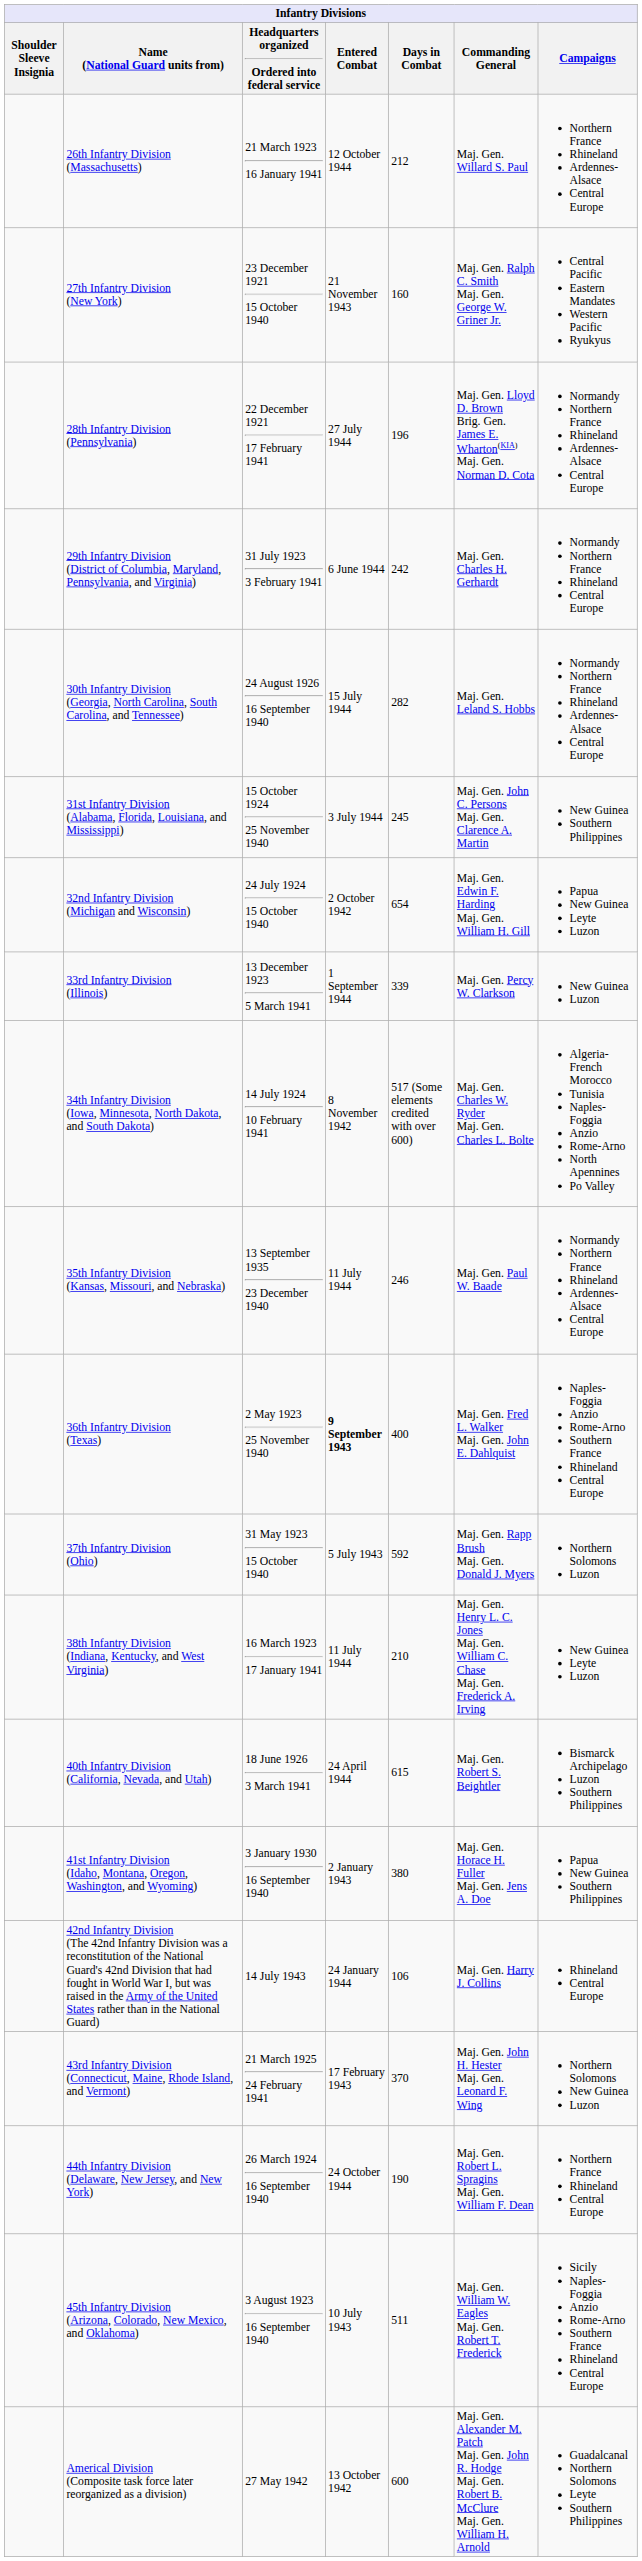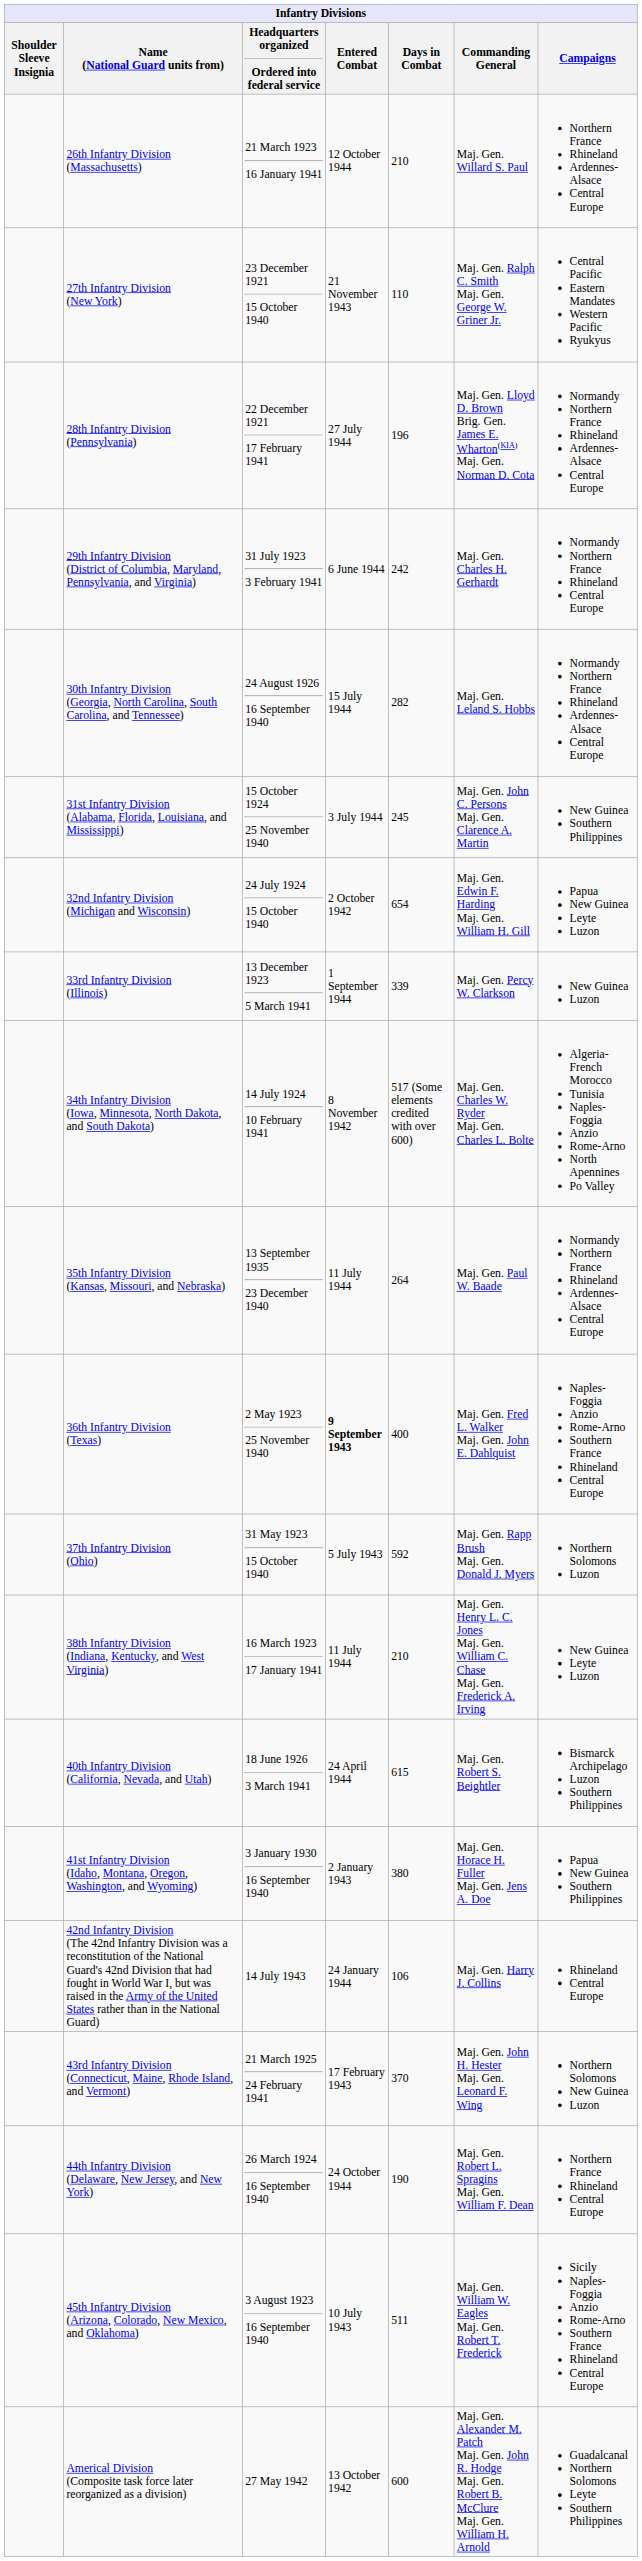 <table class="wikitable">
 <tr>
 <th style="align: center; background: lavender;" colspan="7">Infantry Divisions</th>
 </tr>
 <tr>
 <th style="text-align: center; ">Shoulder Sleeve Insignia</th>
 <th style="text-align: center; ">Name<br>(<a href='#'>National Guard</a> units from)</th>
 <th style="text-align: center; ">Headquarters organized <hr> Ordered into federal service</th>
 <th style="text-align: center; ">Entered Combat</th>
 <th style="text-align: center; ">Days in Combat</th>
 <th style="text-align: center; ">Commanding General</th>
 <th style="text-align: center; "><a href='#'>Campaigns</a></th>
 </tr>
 <tr>
 <td></td>
 <td><a href='#'>26th Infantry Division</a><br>(<a href='#'>Massachusetts</a>)</td>
 <td>21 March 1923 <hr> 16 January 1941</td>
 <td>12 October 1944</td>
-<td>212</td>
+<td>210</td>
 <td>Maj. Gen. <a href='#'>Willard S. Paul</a></td>
 <td><br><ul><li>Northern France</li><li>Rhineland</li><li>Ardennes-Alsace</li><li>Central Europe</li></ul></td>
 </tr>
 <tr>
 <td></td>
 <td><a href='#'>27th Infantry Division</a><br>(<a href='#'>New York</a>)</td>
 <td>23 December 1921 <hr> 15 October 1940</td>
 <td>21 November 1943</td>
-<td>160</td>
+<td>110</td>
 <td>Maj. Gen. <a href='#'>Ralph C. Smith</a><br>Maj. Gen. <a href='#'>George W. Griner Jr.</a></td>
 <td><br><ul><li>Central Pacific</li><li>Eastern Mandates</li><li>Western Pacific</li><li>Ryukyus</li></ul></td>
 </tr>
 <tr>
 <td></td>
 <td><a href='#'>28th Infantry Division</a><br>(<a href='#'>Pennsylvania</a>)</td>
 <td>22 December 1921 <hr> 17 February 1941</td>
 <td>27 July 1944</td>
 <td>196</td>
 <td>Maj. Gen. <a href='#'>Lloyd D. Brown</a><br>Brig. Gen. <a href='#'>James E. Wharton</a><small><sup>(<a href='#'>KIA</a>)</sup></small><br>Maj. Gen. <a href='#'>Norman D. Cota</a></td>
 <td><br><ul><li>Normandy</li><li>Northern France</li><li>Rhineland</li><li>Ardennes-Alsace</li><li>Central Europe</li></ul></td>
 </tr>
 <tr>
 <td></td>
 <td><a href='#'>29th Infantry Division</a><br>(<a href='#'>District of Columbia</a>, <a href='#'>Maryland</a>, <a href='#'>Pennsylvania</a>, and <a href='#'>Virginia</a>)</td>
 <td>31 July 1923 <hr> 3 February 1941</td>
 <td>6 June 1944</td>
 <td>242</td>
 <td>Maj. Gen. <a href='#'>Charles H. Gerhardt</a></td>
 <td><br><ul><li>Normandy</li><li>Northern France</li><li>Rhineland</li><li>Central Europe</li></ul></td>
 </tr>
 <tr>
 <td></td>
 <td><a href='#'>30th Infantry Division</a><br>(<a href='#'>Georgia</a>, <a href='#'>North Carolina</a>, <a href='#'>South Carolina</a>, and <a href='#'>Tennessee</a>)</td>
 <td>24 August 1926 <hr> 16 September 1940</td>
 <td>15 July 1944</td>
 <td>282</td>
 <td>Maj. Gen. <a href='#'>Leland S. Hobbs</a></td>
 <td><br><ul><li>Normandy</li><li>Northern France</li><li>Rhineland</li><li>Ardennes-Alsace</li><li>Central Europe</li></ul></td>
 </tr>
 <tr>
 <td></td>
 <td><a href='#'>31st Infantry Division</a><br>(<a href='#'>Alabama</a>, <a href='#'>Florida</a>, <a href='#'>Louisiana</a>, and <a href='#'>Mississippi</a>)</td>
 <td>15 October 1924 <hr> 25 November 1940</td>
 <td>3 July 1944</td>
 <td>245</td>
 <td>Maj. Gen. <a href='#'>John C. Persons</a><br>Maj. Gen. <a href='#'>Clarence A. Martin</a></td>
 <td><br><ul><li>New Guinea</li><li>Southern Philippines</li></ul></td>
 </tr>
 <tr>
 <td></td>
 <td><a href='#'>32nd Infantry Division</a><br>(<a href='#'>Michigan</a> and <a href='#'>Wisconsin</a>)</td>
 <td>24 July 1924 <hr> 15 October 1940</td>
 <td>2 October 1942</td>
 <td>654</td>
 <td>Maj. Gen. <a href='#'>Edwin F. Harding</a><br>Maj. Gen. <a href='#'>William H. Gill</a></td>
 <td><br><ul><li>Papua</li><li>New Guinea</li><li>Leyte</li><li>Luzon</li></ul></td>
 </tr>
 <tr>
 <td></td>
 <td><a href='#'>33rd Infantry Division</a><br>(<a href='#'>Illinois</a>)</td>
 <td>13 December 1923 <hr> 5 March 1941</td>
 <td>1 September 1944</td>
 <td>339</td>
 <td>Maj. Gen. <a href='#'>Percy W. Clarkson</a></td>
 <td><br><ul><li>New Guinea</li><li>Luzon</li></ul></td>
 </tr>
 <tr>
 <td></td>
 <td><a href='#'>34th Infantry Division</a><br>(<a href='#'>Iowa</a>, <a href='#'>Minnesota</a>, <a href='#'>North Dakota</a>, and <a href='#'>South Dakota</a>)</td>
 <td>14 July 1924 <hr> 10 February 1941</td>
 <td>8 November 1942</td>
 <td>517 (Some elements credited with over 600)</td>
 <td>Maj. Gen. <a href='#'>Charles W. Ryder</a><br>Maj. Gen. <a href='#'>Charles L. Bolte</a></td>
 <td><br><ul><li>Algeria-French Morocco</li><li>Tunisia</li><li>Naples-Foggia</li><li>Anzio</li><li>Rome-Arno</li><li>North Apennines</li><li>Po Valley</li></ul></td>
 </tr>
 <tr>
 <td></td>
 <td><a href='#'>35th Infantry Division</a><br>(<a href='#'>Kansas</a>, <a href='#'>Missouri</a>, and <a href='#'>Nebraska</a>)</td>
 <td>13 September 1935 <hr> 23 December 1940</td>
 <td>11 July 1944</td>
-<td>246</td>
+<td>264</td>
 <td>Maj. Gen. <a href='#'>Paul W. Baade</a></td>
 <td><br><ul><li>Normandy</li><li>Northern France</li><li>Rhineland</li><li>Ardennes-Alsace</li><li>Central Europe</li></ul></td>
 </tr>
 <tr>
 <td></td>
 <td><a href='#'>36th Infantry Division</a><br>(<a href='#'>Texas</a>)</td>
 <td>2 May 1923 <hr> 25 November 1940</td>
 <td><strong>9 September 1943</strong></td>
 <td>400</td>
 <td>Maj. Gen. <a href='#'>Fred L. Walker</a><br>Maj. Gen. <a href='#'>John E. Dahlquist</a></td>
 <td><br><ul><li>Naples-Foggia</li><li>Anzio</li><li>Rome-Arno</li><li>Southern France</li><li>Rhineland</li><li>Central Europe</li></ul></td>
 </tr>
 <tr>
 <td></td>
 <td><a href='#'>37th Infantry Division</a><br>(<a href='#'>Ohio</a>)</td>
 <td>31 May 1923 <hr> 15 October 1940</td>
 <td>5 July 1943</td>
 <td>592</td>
 <td>Maj. Gen. <a href='#'>Rapp Brush</a><br>Maj. Gen. <a href='#'>Donald J. Myers</a></td>
 <td><br><ul><li>Northern Solomons</li><li>Luzon</li></ul></td>
 </tr>
 <tr>
 <td></td>
 <td><a href='#'>38th Infantry Division</a><br>(<a href='#'>Indiana</a>, <a href='#'>Kentucky</a>, and <a href='#'>West Virginia</a>)</td>
 <td>16 March 1923 <hr> 17 January 1941</td>
 <td>11 July 1944</td>
 <td>210</td>
 <td>Maj. Gen. <a href='#'>Henry L. C. Jones</a><br>Maj. Gen. <a href='#'>William C. Chase</a><br>Maj. Gen. <a href='#'>Frederick A. Irving</a></td>
 <td><br><ul><li>New Guinea</li><li>Leyte</li><li>Luzon</li></ul></td>
 </tr>
 <tr>
 <td></td>
 <td><a href='#'>40th Infantry Division</a><br>(<a href='#'>California</a>, <a href='#'>Nevada</a>, and <a href='#'>Utah</a>)</td>
 <td>18 June 1926 <hr> 3 March 1941</td>
 <td>24 April 1944</td>
 <td>615</td>
 <td>Maj. Gen. <a href='#'>Robert S. Beightler</a></td>
 <td><br><ul><li>Bismarck Archipelago</li><li>Luzon</li><li>Southern Philippines</li></ul></td>
 </tr>
 <tr>
 <td></td>
 <td><a href='#'>41st Infantry Division</a><br>(<a href='#'>Idaho</a>, <a href='#'>Montana</a>, <a href='#'>Oregon</a>, <a href='#'>Washington</a>, and <a href='#'>Wyoming</a>)</td>
 <td>3 January 1930 <hr> 16 September 1940</td>
 <td>2 January 1943</td>
 <td>380</td>
 <td>Maj. Gen. <a href='#'>Horace H. Fuller</a><br>Maj. Gen. <a href='#'>Jens A. Doe</a></td>
 <td><br><ul><li>Papua</li><li>New Guinea</li><li>Southern Philippines</li></ul></td>
 </tr>
 <tr>
 <td></td>
 <td><a href='#'>42nd Infantry Division</a><br>(The 42nd Infantry Division was a reconstitution of the National Guard's 42nd Division that had fought in World War I, but was raised in the <a href='#'>Army of the United States</a> rather than in the National Guard)</td>
 <td>14 July 1943</td>
 <td>24 January 1944</td>
 <td>106</td>
 <td>Maj. Gen. <a href='#'>Harry J. Collins</a></td>
 <td><br><ul><li>Rhineland</li><li>Central Europe</li></ul></td>
 </tr>
 <tr>
 <td></td>
 <td><a href='#'>43rd Infantry Division</a><br>(<a href='#'>Connecticut</a>, <a href='#'>Maine</a>, <a href='#'>Rhode Island</a>, and <a href='#'>Vermont</a>)</td>
 <td>21 March 1925 <hr> 24 February 1941</td>
 <td>17 February 1943</td>
 <td>370</td>
 <td>Maj. Gen. <a href='#'>John H. Hester</a><br>Maj. Gen. <a href='#'>Leonard F. Wing</a></td>
 <td><br><ul><li>Northern Solomons</li><li>New Guinea</li><li>Luzon</li></ul></td>
 </tr>
 <tr>
 <td></td>
 <td><a href='#'>44th Infantry Division</a><br>(<a href='#'>Delaware</a>, <a href='#'>New Jersey</a>, and <a href='#'>New York</a>)</td>
 <td>26 March 1924 <hr> 16 September 1940</td>
 <td>24 October 1944</td>
 <td>190</td>
 <td>Maj. Gen. <a href='#'>Robert L. Spragins</a><br>Maj. Gen. <a href='#'>William F. Dean</a></td>
 <td><br><ul><li>Northern France</li><li>Rhineland</li><li>Central Europe</li></ul></td>
 </tr>
 <tr>
 <td></td>
 <td><a href='#'>45th Infantry Division</a><br>(<a href='#'>Arizona</a>, <a href='#'>Colorado</a>, <a href='#'>New Mexico</a>, and <a href='#'>Oklahoma</a>)</td>
 <td>3 August 1923 <hr> 16 September 1940</td>
 <td>10 July 1943</td>
 <td>511</td>
 <td>Maj. Gen. <a href='#'>William W. Eagles</a><br>Maj. Gen. <a href='#'>Robert T. Frederick</a></td>
 <td><br><ul><li>Sicily</li><li>Naples-Foggia</li><li>Anzio</li><li>Rome-Arno</li><li>Southern France</li><li>Rhineland</li><li>Central Europe</li></ul></td>
 </tr>
 <tr>
 <td></td>
 <td><a href='#'>Americal Division</a><br>(Composite task force later reorganized as a division)</td>
 <td>27 May 1942</td>
 <td>13 October 1942</td>
 <td>600</td>
 <td>Maj. Gen. <a href='#'>Alexander M. Patch</a><br>Maj. Gen. <a href='#'>John R. Hodge</a><br>Maj. Gen. <a href='#'>Robert B. McClure</a><br>Maj. Gen. <a href='#'>William H. Arnold</a></td>
 <td><br><ul><li>Guadalcanal</li><li>Northern Solomons</li><li>Leyte</li><li>Southern Philippines</li></ul></td>
 </tr>
 </table>
